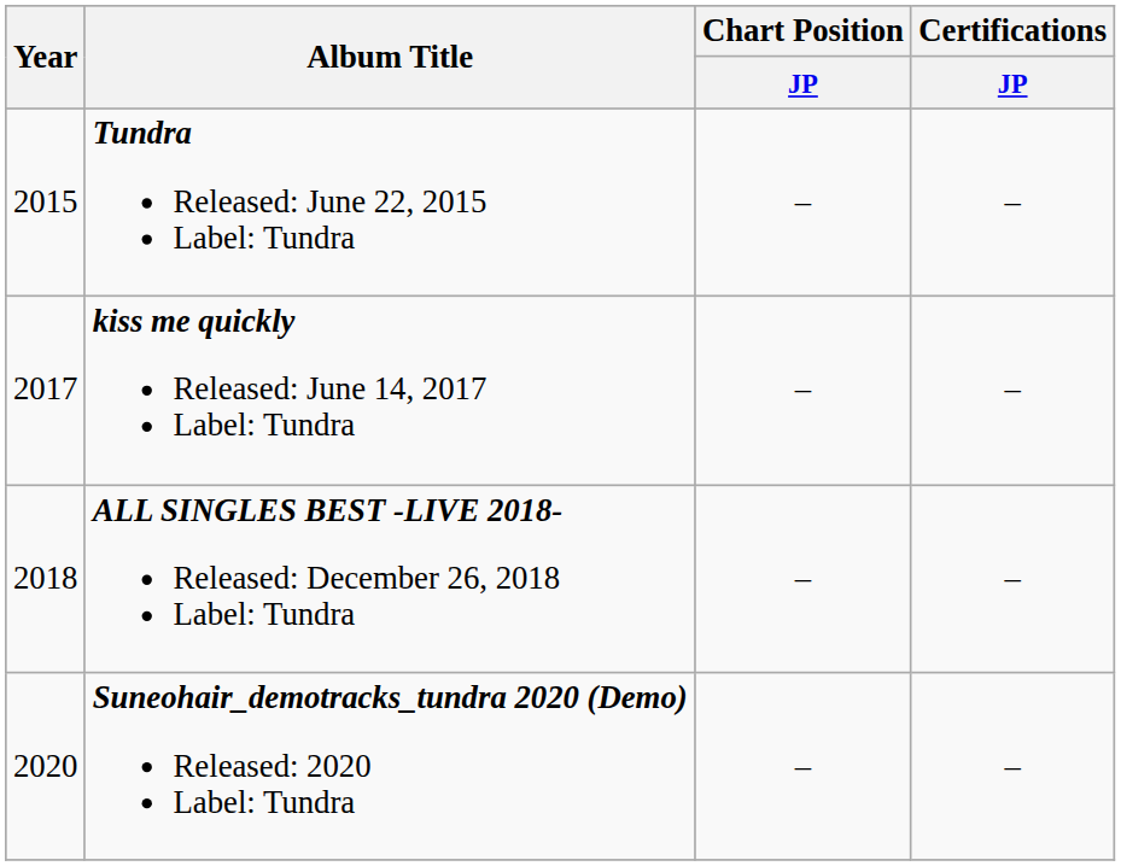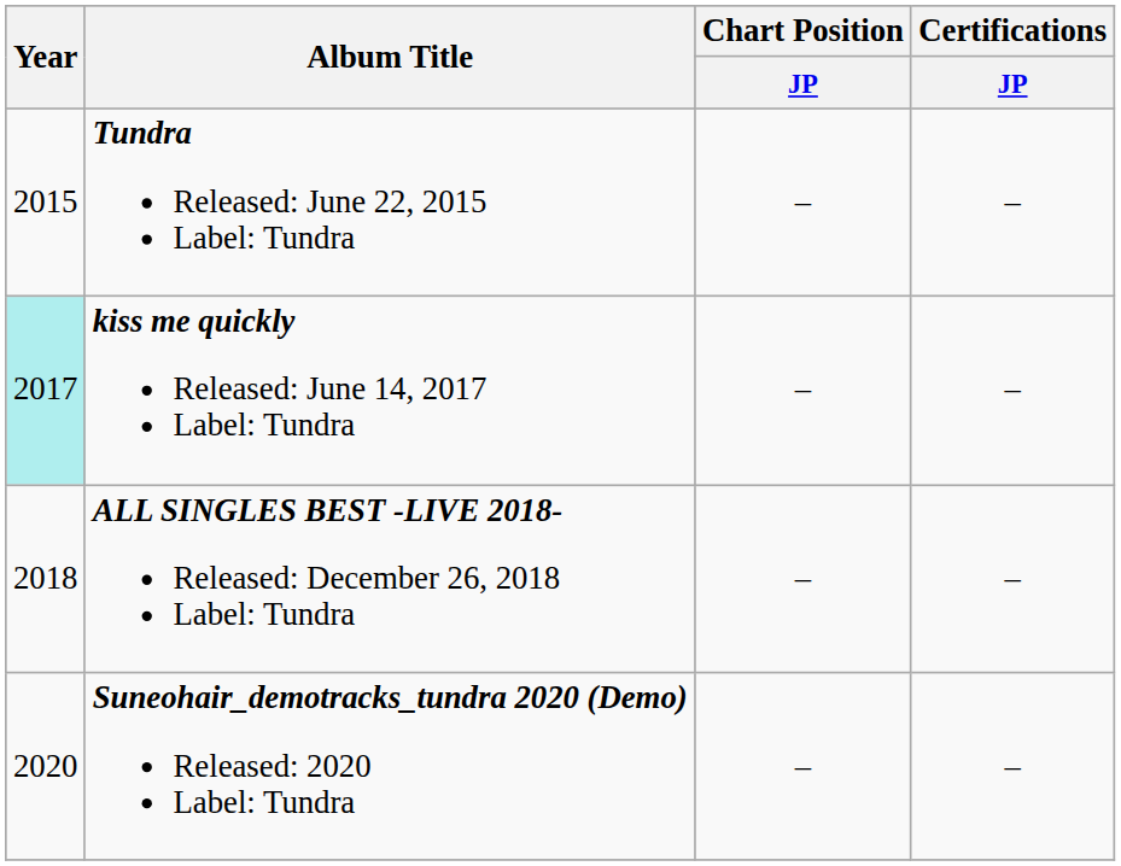 <table class="wikitable">
 <tr>
 <th align="center" rowspan="2">Year</th>
 <th align="center" rowspan="2">Album Title</th>
 <th align="center">Chart Position</th>
 <th align="center">Certifications</th>
 </tr>
 <tr>
 <th align="center"><small><a href='#'>JP</a></small></th>
 <th align="center"><small><a href='#'>JP</a></small></th>
 </tr>
 <tr>
 <td align="center" rowspan="1">2015</td>
 <td align="left"><strong><em>Tundra</em></strong><br><ul><li>Released: June 22, 2015</li><li>Label: Tundra</li></ul></td>
 <td align="center">–</td>
 <td align="center">–</td>
 </tr>
 <tr>
-<td>2017</td>
+<td style="background: paleturquoise;">2017</td>
 <td><strong><em>kiss me quickly</em></strong><br><ul><li>Released: June 14, 2017</li><li>Label: Tundra</li></ul></td>
 <td align="center">–</td>
 <td align="center">–</td>
 </tr>
 <tr>
 <td>2018</td>
 <td><strong><em>ALL SINGLES BEST -LIVE 2018-</em></strong><br><ul><li>Released: December 26, 2018</li><li>Label: Tundra</li></ul></td>
 <td align="center">–</td>
 <td align="center">–</td>
 </tr>
 <tr>
 <td>2020</td>
 <td><strong><em>Suneohair_demotracks_tundra 2020 (Demo)</em></strong><br><ul><li>Released: 2020</li><li>Label: Tundra</li></ul></td>
 <td align="center">–</td>
 <td align="center">–</td>
 </tr>
 </table>
